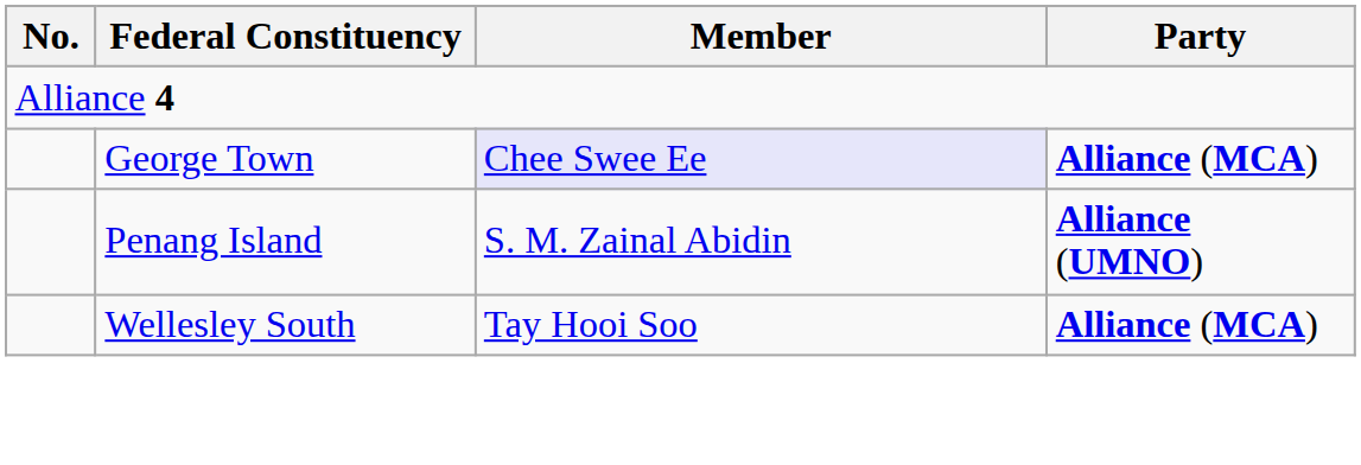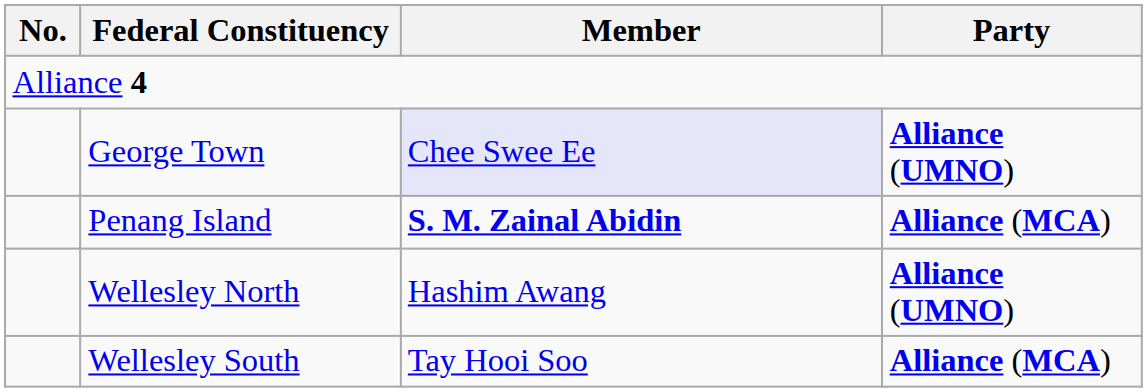 <table class="wikitable sortable">
 <tr>
 <th style="width:30px;">No.</th>
 <th style="width:150px;">Federal Constituency</th>
 <th style="width:230px;">Member</th>
 <th style="width:120px;">Party</th>
 </tr>
 <tr>
 <td colspan="4"><a href='#'>Alliance</a> <strong>4</strong></td>
 </tr>
 <tr>
 <td></td>
 <td><a href='#'>George Town</a></td>
 <td style="background: lavender;"><a href='#'>Chee Swee Ee</a></td>
+<td><strong><a href='#'>Alliance</a></strong> (<strong><a href='#'>UMNO</a></strong>)</td>
+</tr>
+<tr>
+<td></td>
+<td><a href='#'>Penang Island</a></td>
+<td><strong><a href='#'>S. M. Zainal Abidin</a></strong></td>
 <td><strong><a href='#'>Alliance</a></strong> (<strong><a href='#'>MCA</a></strong>)</td>
 </tr>
 <tr>
 <td></td>
-<td><a href='#'>Penang Island</a></td>
-<td><a href='#'>S. M. Zainal Abidin</a></td>
+<td><a href='#'>Wellesley North</a></td>
+<td><a href='#'>Hashim Awang</a></td>
 <td><strong><a href='#'>Alliance</a></strong> (<strong><a href='#'>UMNO</a></strong>)</td>
 </tr>
 <tr>
 <td></td>
 <td><a href='#'>Wellesley South</a></td>
 <td><a href='#'>Tay Hooi Soo</a></td>
 <td><strong><a href='#'>Alliance</a></strong> (<strong><a href='#'>MCA</a></strong>)</td>
 </tr>
 </table>
